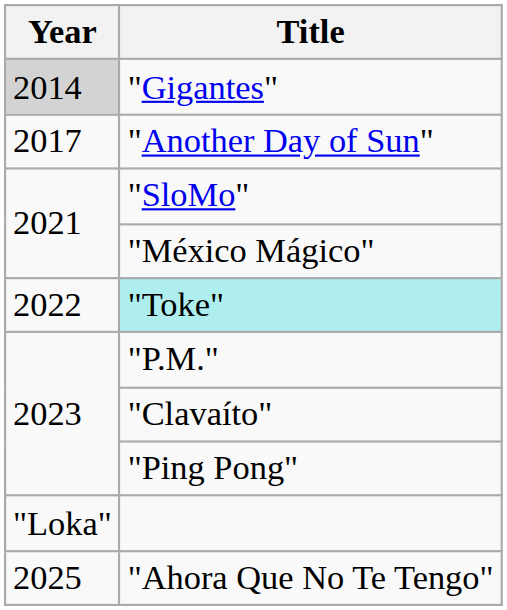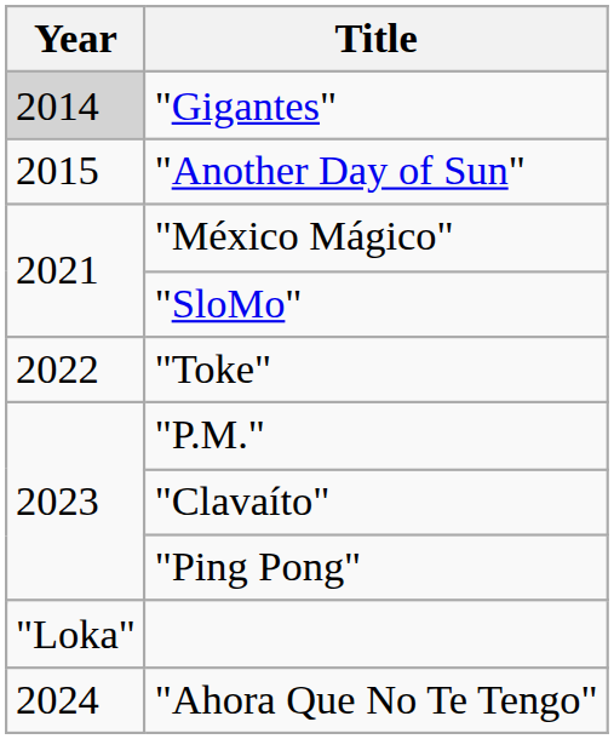 <table class="wikitable">
 <tr>
 <th>Year</th>
 <th>Title</th>
 </tr>
 <tr>
 <td style="background: lightgrey;">2014</td>
 <td>"<a href='#'>Gigantes</a>"</td>
 </tr>
 <tr>
-<td>2017</td>
+<td>2015</td>
 <td>"<a href='#'>Another Day of Sun</a>" </td>
 </tr>
 <tr>
 <td rowspan="2">2021</td>
+<td>"México Mágico"</td>
+</tr>
+<tr>
 <td>"<a href='#'>SloMo</a>"</td>
 </tr>
 <tr>
-<td>"México Mágico"</td>
-</tr>
-<tr>
 <td>2022</td>
-<td style="background: paleturquoise;">"Toke"</td>
+<td>"Toke"</td>
 </tr>
 <tr>
 <td rowspan="4">2023</td>
 <td>"P.M."</td>
 </tr>
 <tr>
 <td>"Clavaíto" </td>
 </tr>
 <tr>
 <td>"Ping Pong" </td>
 </tr>
 <tr>
 </tr>
 <tr>
 <td>"Loka" </td>
 </tr>
 <tr>
-<td>2025</td>
+<td>2024</td>
 <td>"Ahora Que No Te Tengo" </td>
 </tr>
 </table>
